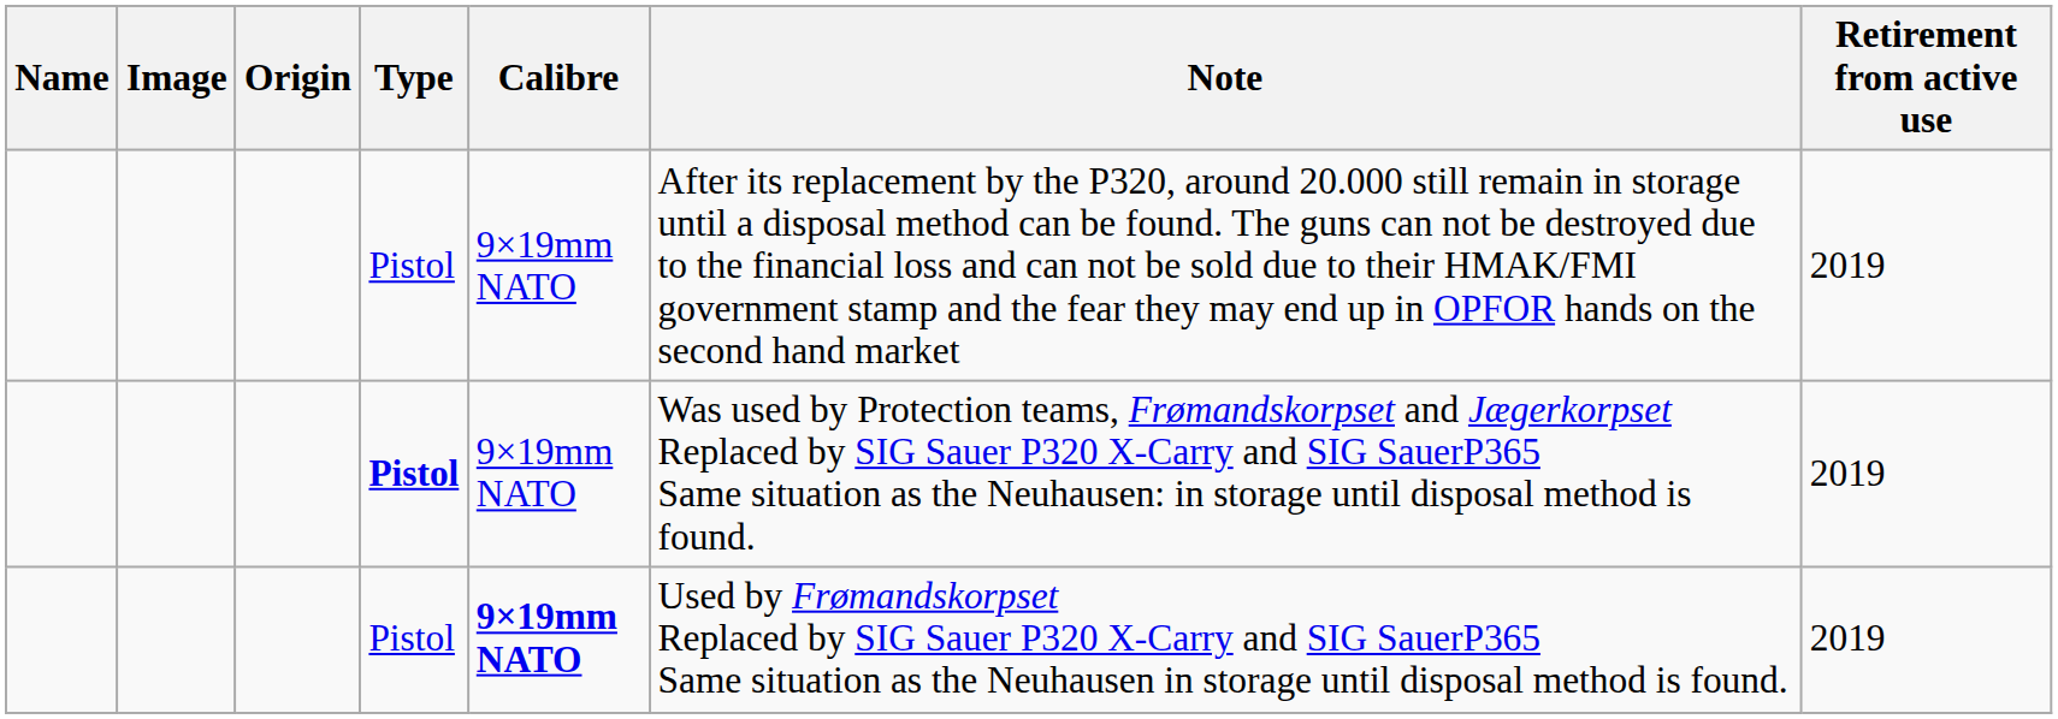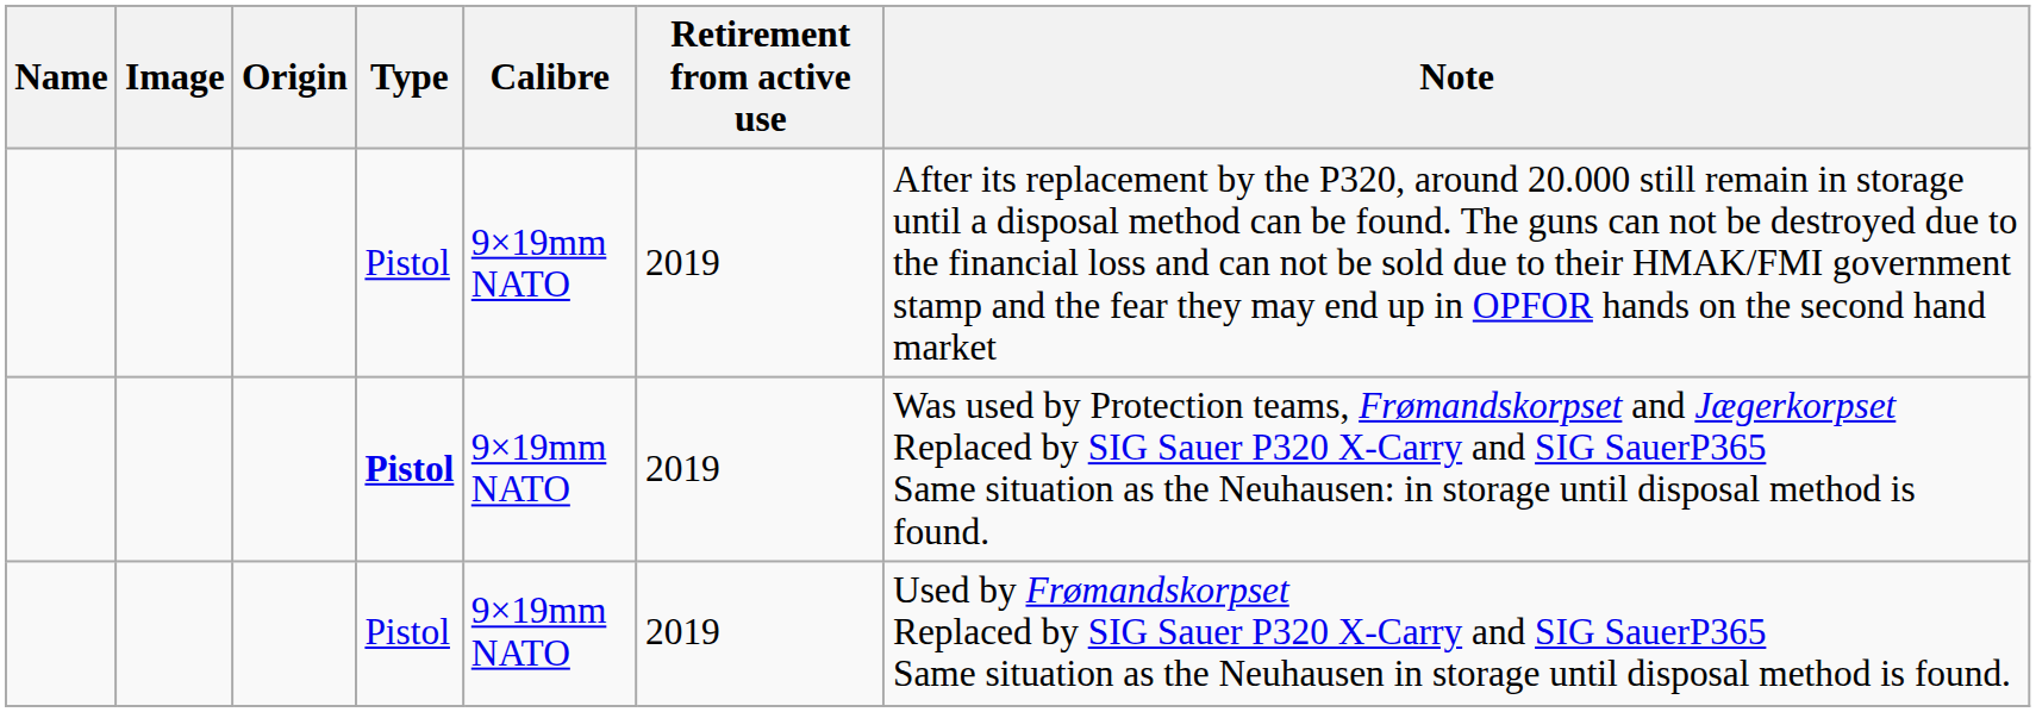 <table class="wikitable">
 <tr>
 <th>Name</th>
 <th>Image</th>
 <th>Origin</th>
 <th>Type</th>
 <th>Calibre</th>
+<th>Retirement from active use</th>
 <th>Note</th>
-<th>Retirement from active use</th>
 </tr>
 <tr>
 <td></td>
 <td></td>
 <td></td>
 <td><a href='#'>Pistol</a></td>
 <td><a href='#'>9×19mm NATO</a></td>
+<td>2019</td>
 <td>After its replacement by the P320, around 20.000 still remain in storage until a disposal method can be found. The guns can not be destroyed due to the financial loss and can not be sold due to their HMAK/FMI government stamp and the fear they may end up in <a href='#'>OPFOR</a> hands on the second hand market</td>
-<td>2019</td>
 </tr>
 <tr>
 <td></td>
 <td></td>
 <td></td>
 <td><strong><a href='#'>Pistol</a></strong></td>
 <td><a href='#'>9×19mm NATO</a></td>
+<td>2019</td>
 <td>Was used by Protection teams, <em><a href='#'>Frømandskorpset</a></em> and <em><a href='#'>Jægerkorpset</a></em><br>Replaced by <a href='#'>SIG Sauer P320 X-Carry</a> and <a href='#'>SIG SauerP365</a><br>Same situation as the Neuhausen: in storage until disposal method is found.</td>
-<td>2019</td>
 </tr>
 <tr>
 <td></td>
 <td></td>
 <td></td>
 <td><a href='#'>Pistol</a></td>
-<td><strong><a href='#'>9×19mm NATO</a></strong></td>
+<td><a href='#'>9×19mm NATO</a></td>
+<td>2019</td>
 <td>Used by <em><a href='#'>Frømandskorpset</a></em><br>Replaced by <a href='#'>SIG Sauer P320 X-Carry</a> and <a href='#'>SIG SauerP365</a><br>Same situation as the Neuhausen in storage until disposal method is found.</td>
-<td>2019</td>
 </tr>
 </table>
